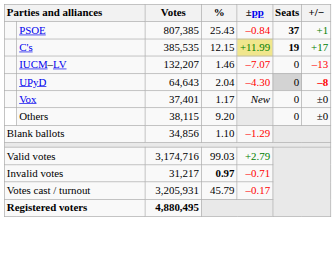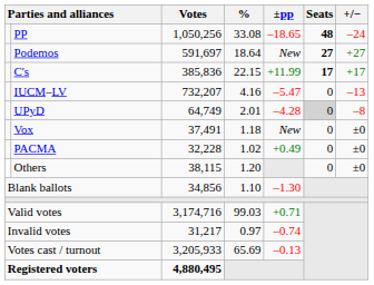 <table class="wikitable" style="text-align:right;">
 <tr>
 <th style="text-align:left;" colspan="2" width="200">Parties and alliances</th>
 <th width="75">Votes</th>
 <th width="45">%</th>
 <th width="45">±<a href='#'>pp</a></th>
 <th width="35">Seats</th>
 <th width="35">+/−</th>
 </tr>
 <tr>
+<td width="1" style="color:inherit;background:"></td>
+<td align="left"><a href='#'>PP</a></td>
+<td>1,050,256</td>
+<td>33.08</td>
+<td style="color:red;">–18.65</td>
+<td><strong>48</strong></td>
+<td style="color:red;">–24</td>
+</tr>
+<tr>
 <td style="color:inherit;background:"></td>
-<td align="left"><a href='#'>PSOE</a></td>
-<td>807,385</td>
-<td>25.43</td>
-<td style="color:red;">–0.84</td>
-<td><strong>37</strong></td>
-<td style="color:green;">+1</td>
+<td align="left"><a href='#'>Podemos</a></td>
+<td>591,697</td>
+<td>18.64</td>
+<td><em>New</em></td>
+<td><strong>27</strong></td>
+<td style="color:green;">+27</td>
 </tr>
 <tr>
 <td style="color:inherit;background:"></td>
 <td align="left"><a href='#'>C's</a></td>
-<td>385,535</td>
-<td>12.15</td>
-<td style="background: khaki; color:green;">+11.99</td>
-<td><strong>19</strong></td>
+<td>385,836</td>
+<td>22.15</td>
+<td style="color:green;">+11.99</td>
+<td><strong>17</strong></td>
 <td style="color:green;">+17</td>
 </tr>
 <tr>
 <td style="color:inherit;background:"></td>
 <td align="left"><a href='#'>IUCM</a>–<a href='#'>LV</a></td>
-<td>132,207</td>
-<td>1.46</td>
-<td style="color:red;">–7.07</td>
+<td>732,207</td>
+<td>4.16</td>
+<td style="color:red;">–5.47</td>
 <td>0</td>
 <td style="color:red;">–13</td>
 </tr>
 <tr>
 <td style="color:inherit;background:"></td>
 <td align="left"><a href='#'>UPyD</a></td>
-<td>64,643</td>
-<td>2.04</td>
-<td style="color:red;">–4.30</td>
+<td>64,749</td>
+<td>2.01</td>
+<td style="color:red;">–4.28</td>
 <td style="background: lightgrey;">0</td>
-<td style="color:red;"><strong>–8</strong></td>
+<td style="color:red;">–8</td>
 </tr>
 <tr>
 <td style="color:inherit;background:"></td>
 <td align="left"><a href='#'>Vox</a></td>
-<td>37,401</td>
-<td>1.17</td>
+<td>37,491</td>
+<td>1.18</td>
 <td><em>New</em></td>
+<td>0</td>
+<td>±0</td>
+</tr>
+<tr>
+<td style="color:inherit;background:"></td>
+<td align="left"><a href='#'>PACMA</a></td>
+<td>32,228</td>
+<td>1.02</td>
+<td style="color:green;">+0.49</td>
 <td>0</td>
 <td>±0</td>
 </tr>
 <tr>
 <td bgcolor="white"></td>
 <td align="left">Others</td>
 <td>38,115</td>
-<td>9.20</td>
+<td>1.20</td>
 <td bgcolor="#E9E9E9"></td>
 <td>0</td>
 <td>±0</td>
 </tr>
 <tr>
 <td align="left" colspan="2">Blank ballots</td>
 <td>34,856</td>
 <td>1.10</td>
-<td style="color:red;">–1.29</td>
+<td style="color:red;">–1.30</td>
 <td bgcolor="#E9E9E9" colspan="2"></td>
 </tr>
 <tr>
 <td colspan="7" bgcolor="#E9E9E9"></td>
 </tr>
 <tr>
 <td align="left" colspan="2">Valid votes</td>
 <td>3,174,716</td>
 <td>99.03</td>
-<td style="color:green;">+2.79</td>
+<td style="color:green;">+0.71</td>
 <td bgcolor="#E9E9E9" colspan="2" rowspan="4"></td>
 </tr>
 <tr>
 <td align="left" colspan="2">Invalid votes</td>
 <td>31,217</td>
-<td><strong>0.97</strong></td>
-<td style="color:red;">–0.71</td>
+<td>0.97</td>
+<td style="color:red;">–0.74</td>
 </tr>
 <tr>
 <td align="left" colspan="2">Votes cast / turnout</td>
-<td>3,205,931</td>
-<td>45.79</td>
-<td style="color:red;">–0.17</td>
+<td>3,205,933</td>
+<td>65.69</td>
+<td style="color:red;">–0.13</td>
 </tr>
 <tr style="font-weight:bold;">
 <td align="left" colspan="2">Registered voters</td>
 <td>4,880,495</td>
 <td bgcolor="#E9E9E9" colspan="2"></td>
 </tr>
 </table>
